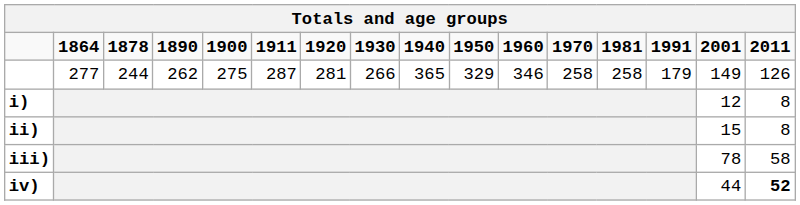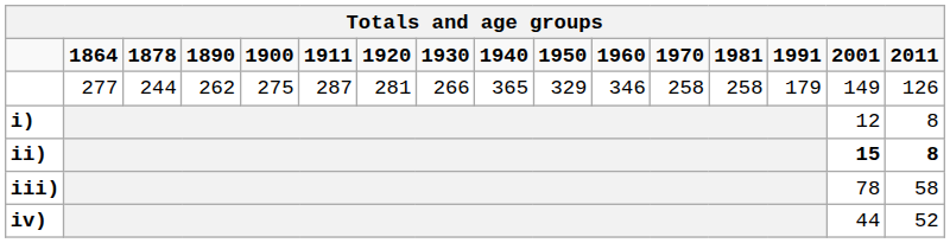 <table class="wikitable">
 <tr>
 <th colspan="16">Totals and age groups</th>
 </tr>
 <tr>
 <td></td>
 <td align="center"><strong>1864</strong></td>
 <td align="center"><strong>1878</strong></td>
 <td align="center"><strong>1890</strong></td>
 <td align="center"><strong>1900</strong></td>
 <td align="center"><strong>1911</strong></td>
 <td align="center"><strong>1920</strong></td>
 <td align="center"><strong>1930</strong></td>
 <td align="center"><strong>1940</strong></td>
 <td align="center"><strong>1950</strong></td>
 <td align="center"><strong>1960</strong></td>
 <td align="center"><strong>1970</strong></td>
 <td align="center"><strong>1981</strong></td>
 <td align="center"><strong>1991</strong></td>
 <td align="center"><strong>2001</strong></td>
 <td align="center"><strong>2011</strong></td>
 </tr>
 <tr bgcolor="white">
 <td></td>
 <td align="right">277</td>
 <td align="right">244</td>
 <td align="right">262</td>
 <td align="right">275</td>
 <td align="right">287</td>
 <td align="right">281</td>
 <td align="right">266</td>
 <td align="right">365</td>
 <td align="right">329</td>
 <td align="right">346</td>
 <td align="right">258</td>
 <td align="right">258</td>
 <td align="right">179</td>
 <td align="right">149</td>
 <td align="right">126</td>
 </tr>
 <tr bgcolor="white">
 <td><strong>i)</strong></td>
 <th colspan="13"></th>
 <td align="right">12</td>
 <td align="right">8</td>
 </tr>
 <tr bgcolor="white">
 <td><strong>ii)</strong></td>
 <th colspan="13"></th>
-<td align="right">15</td>
-<td align="right">8</td>
+<td align="right"><strong>15</strong></td>
+<td align="right"><strong>8</strong></td>
 </tr>
 <tr bgcolor="white">
 <td><strong>iii)</strong></td>
 <th colspan="13"></th>
 <td align="right">78</td>
 <td align="right">58</td>
 </tr>
 <tr bgcolor="white">
 <td><strong>iv)</strong></td>
 <th colspan="13"></th>
 <td align="right">44</td>
-<td align="right"><strong>52</strong></td>
+<td align="right">52</td>
 </tr>
 </table>
